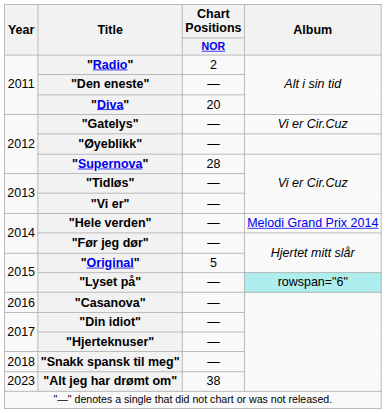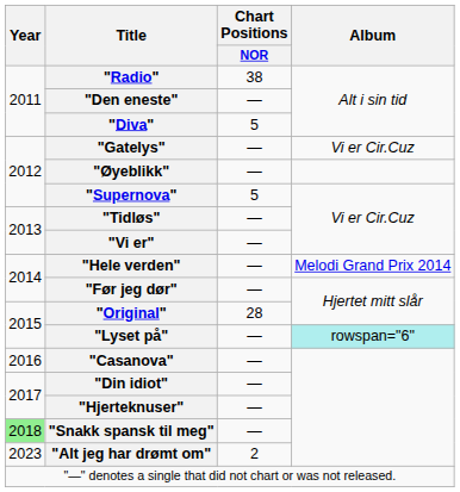 <table class="wikitable plainrowheaders" style="text-align:center;" border="1">
 <tr>
 <th scope="col" rowspan="2">Year</th>
 <th scope="col" rowspan="2">Title</th>
 <th scope="col" colspan="1">Chart Positions</th>
 <th scope="col" rowspan="2">Album</th>
 </tr>
 <tr>
 <th scope="col" style="width:3em;font-size:85%;"><a href='#'>NOR</a><br></th>
 </tr>
 <tr>
 <td rowspan="3">2011</td>
 <th scope="row">"<a href='#'>Radio</a>"</th>
-<td>2</td>
+<td>38<br></td>
 <td rowspan="3"><em>Alt i sin tid</em></td>
 </tr>
 <tr>
 <th scope="row">"Den eneste"</th>
 <td>—</td>
 </tr>
 <tr>
 <th scope="row">"<a href='#'>Diva</a>"</th>
-<td>20</td>
+<td>5</td>
 </tr>
 <tr>
 <td rowspan="3">2012</td>
 <th scope="row">"Gatelys"</th>
 <td>—</td>
 <td><em>Vi er Cir.Cuz</em></td>
 </tr>
 <tr>
 <th scope="row">"Øyeblikk" <br></th>
 <td>—</td>
 <td></td>
 </tr>
 <tr>
 <th scope="row">"<a href='#'>Supernova</a>" <br></th>
-<td>28</td>
+<td>5</td>
 <td rowspan="3"><em>Vi er Cir.Cuz</em></td>
 </tr>
 <tr>
 <td rowspan="2">2013</td>
 <th scope="row">"Tidløs"</th>
 <td>—</td>
 </tr>
 <tr>
 <th scope="row">"Vi er"</th>
 <td>—</td>
 </tr>
 <tr>
 <td rowspan="2">2014</td>
 <th scope="row">"Hele verden"</th>
 <td>—</td>
 <td><a href='#'>Melodi Grand Prix 2014</a></td>
 </tr>
 <tr>
 <th scope="row">"Før jeg dør" <br></th>
 <td>—</td>
 <td rowspan="2"><em>Hjertet mitt slår</em></td>
 </tr>
 <tr>
 <td rowspan="2">2015</td>
 <th scope="row">"<a href='#'>Original</a>" <br></th>
-<td>5</td>
+<td>28</td>
 </tr>
 <tr>
 <th scope="row">"Lyset på"</th>
 <td>—</td>
 <td style="background: paleturquoise;">rowspan="6" </td>
 </tr>
 <tr>
 <td>2016</td>
 <th scope="row">"Casanova"</th>
 <td>—</td>
 </tr>
 <tr>
 <td rowspan="2">2017</td>
 <th scope="row">"Din idiot"</th>
 <td>—</td>
 </tr>
 <tr>
 <th scope="row">"Hjerteknuser" <br></th>
 <td>—</td>
 </tr>
 <tr>
-<td>2018</td>
+<td style="background: lightgreen;">2018</td>
 <th scope="row">"Snakk spansk til meg"</th>
 <td>—</td>
 </tr>
 <tr>
 <td>2023</td>
 <th scope="row">"Alt jeg har drømt om"</th>
-<td>38<br></td>
+<td>2</td>
 </tr>
 <tr>
 <td colspan="14" style="font-size:85%">"—" denotes a single that did not chart or was not released.</td>
 </tr>
 </table>
